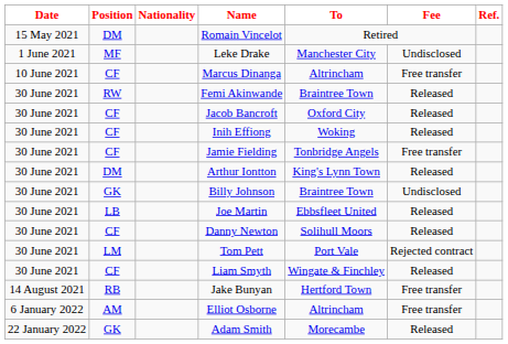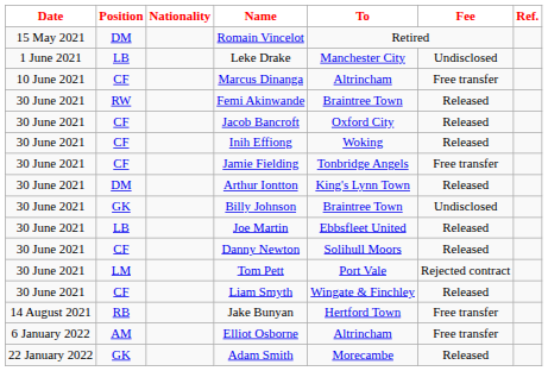 <table class="wikitable"  style="text-align:center; font-size:90%; ">
 <tr>
 <th style="background:white; color:red; ">Date</th>
 <th style="background:white; color:red; ">Position</th>
 <th style="background:white; color:red; ">Nationality</th>
 <th style="background:white; color:red; ">Name</th>
 <th style="background:white; color:red; ">To</th>
 <th style="background:white; color:red; ">Fee</th>
 <th style="background:white; color:red; ">Ref.</th>
 </tr>
 <tr>
 <td>15 May 2021</td>
 <td><a href='#'>DM</a></td>
 <td></td>
 <td><a href='#'>Romain Vincelot</a></td>
 <td colspan="2">Retired</td>
 <td></td>
 </tr>
 <tr>
 <td>1 June 2021</td>
-<td><a href='#'>MF</a></td>
+<td><a href='#'>LB</a></td>
 <td></td>
 <td>Leke Drake</td>
 <td> <a href='#'>Manchester City</a></td>
 <td>Undisclosed</td>
 <td></td>
 </tr>
 <tr>
 <td>10 June 2021</td>
 <td><a href='#'>CF</a></td>
 <td></td>
 <td><a href='#'>Marcus Dinanga</a></td>
 <td> <a href='#'>Altrincham</a></td>
 <td>Free transfer</td>
 <td></td>
 </tr>
 <tr>
 <td>30 June 2021</td>
 <td><a href='#'>RW</a></td>
 <td></td>
 <td><a href='#'>Femi Akinwande</a></td>
 <td> <a href='#'>Braintree Town</a></td>
 <td>Released</td>
 <td></td>
 </tr>
 <tr>
 <td>30 June 2021</td>
 <td><a href='#'>CF</a></td>
 <td></td>
 <td><a href='#'>Jacob Bancroft</a></td>
 <td> <a href='#'>Oxford City</a></td>
 <td>Released</td>
 <td></td>
 </tr>
 <tr>
 <td>30 June 2021</td>
 <td><a href='#'>CF</a></td>
 <td></td>
 <td><a href='#'>Inih Effiong</a></td>
 <td> <a href='#'>Woking</a></td>
 <td>Released</td>
 <td></td>
 </tr>
 <tr>
 <td>30 June 2021</td>
 <td><a href='#'>CF</a></td>
 <td></td>
 <td><a href='#'>Jamie Fielding</a></td>
 <td> <a href='#'>Tonbridge Angels</a></td>
 <td>Free transfer</td>
 <td></td>
 </tr>
 <tr>
 <td>30 June 2021</td>
 <td><a href='#'>DM</a></td>
 <td></td>
 <td><a href='#'>Arthur Iontton</a></td>
 <td> <a href='#'>King's Lynn Town</a></td>
 <td>Released</td>
 <td></td>
 </tr>
 <tr>
 <td>30 June 2021</td>
 <td><a href='#'>GK</a></td>
 <td></td>
 <td><a href='#'>Billy Johnson</a></td>
 <td> <a href='#'>Braintree Town</a></td>
 <td>Undisclosed</td>
 <td></td>
 </tr>
 <tr>
 <td>30 June 2021</td>
 <td><a href='#'>LB</a></td>
 <td></td>
 <td><a href='#'>Joe Martin</a></td>
 <td> <a href='#'>Ebbsfleet United</a></td>
 <td>Released</td>
 <td></td>
 </tr>
 <tr>
 <td>30 June 2021</td>
 <td><a href='#'>CF</a></td>
 <td></td>
 <td><a href='#'>Danny Newton</a></td>
 <td> <a href='#'>Solihull Moors</a></td>
 <td>Released</td>
 <td></td>
 </tr>
 <tr>
 <td>30 June 2021</td>
 <td><a href='#'>LM</a></td>
 <td></td>
 <td><a href='#'>Tom Pett</a></td>
 <td> <a href='#'>Port Vale</a></td>
 <td>Rejected contract</td>
 <td></td>
 </tr>
 <tr>
 <td>30 June 2021</td>
 <td><a href='#'>CF</a></td>
 <td></td>
 <td><a href='#'>Liam Smyth</a></td>
 <td> <a href='#'>Wingate & Finchley</a></td>
 <td>Released</td>
 <td></td>
 </tr>
 <tr>
 <td>14 August 2021</td>
 <td><a href='#'>RB</a></td>
 <td></td>
 <td>Jake Bunyan</td>
 <td> <a href='#'>Hertford Town</a></td>
 <td>Free transfer</td>
 <td></td>
 </tr>
 <tr>
 <td>6 January 2022</td>
 <td><a href='#'>AM</a></td>
 <td></td>
 <td><a href='#'>Elliot Osborne</a></td>
 <td> <a href='#'>Altrincham</a></td>
 <td>Free transfer</td>
 <td></td>
 </tr>
 <tr>
 <td>22 January 2022</td>
 <td><a href='#'>GK</a></td>
 <td></td>
 <td><a href='#'>Adam Smith</a></td>
 <td> <a href='#'>Morecambe</a></td>
 <td>Released</td>
 <td></td>
 </tr>
 </table>
